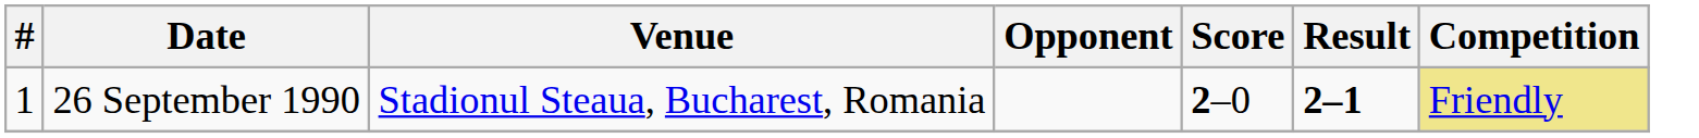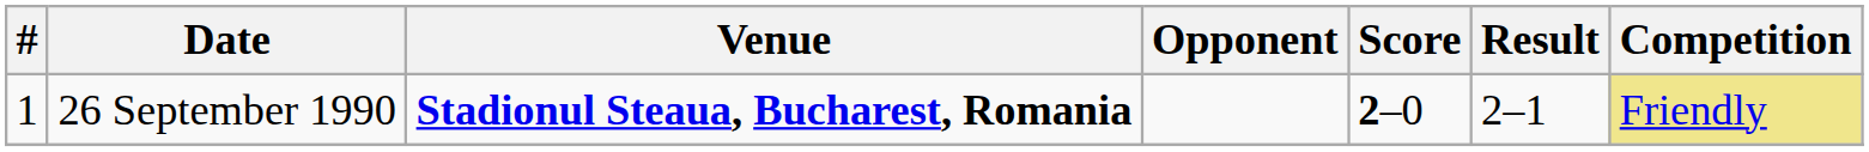 <table class="wikitable sortable" style="font-size:100%">
 <tr>
 <th>#</th>
 <th>Date</th>
 <th>Venue</th>
 <th>Opponent</th>
 <th>Score</th>
 <th>Result</th>
 <th>Competition</th>
 </tr>
 <tr>
 <td>1</td>
 <td>26 September 1990</td>
-<td><a href='#'>Stadionul Steaua</a>, <a href='#'>Bucharest</a>, Romania</td>
+<td><strong><a href='#'>Stadionul Steaua</a>, <a href='#'>Bucharest</a>, Romania</strong></td>
 <td></td>
 <td><strong>2</strong>–0</td>
-<td><strong>2–1</strong></td>
+<td>2–1</td>
 <td style="background: khaki;"><a href='#'>Friendly</a></td>
 </tr>
 <tr>
 </tr>
 </table>
